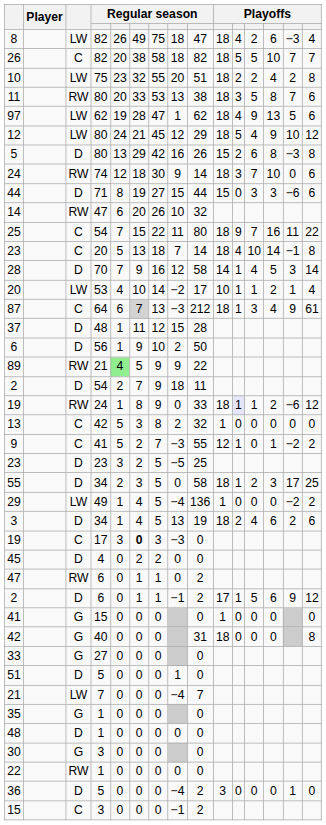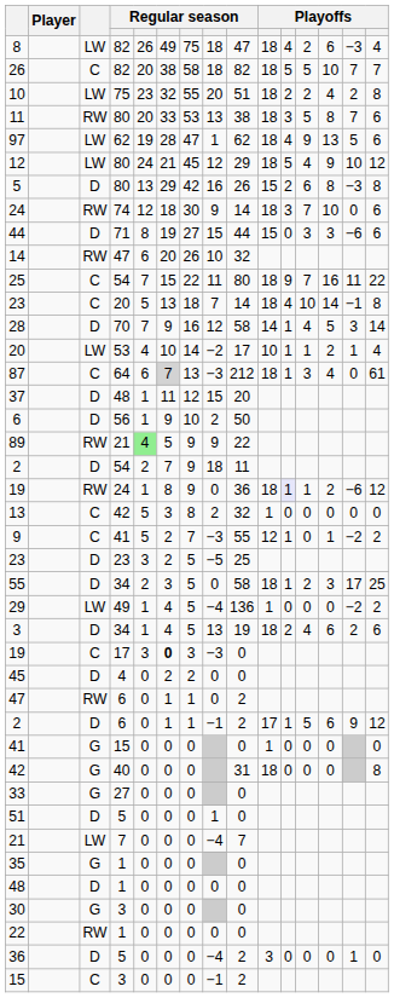 <table class="wikitable sortable plainrowheaders" style="text-align:center;">
 <tr>
 <th scope="col" data-sort-type="number" rowspan="2"></th>
 <th scope="col" rowspan="2">Player</th>
 <th scope="col" rowspan="2"></th>
 <th scope=colgroup colspan=6>Regular season</th>
 <th scope=colgroup colspan=6>Playoffs</th>
 </tr>
 <tr>
 <th scope="col" data-sort-type="number"></th>
 <th scope="col" data-sort-type="number"></th>
 <th scope="col" data-sort-type="number"></th>
 <th scope="col" data-sort-type="number"></th>
 <th scope="col" data-sort-type="number"></th>
 <th scope="col" data-sort-type="number"></th>
 <th scope="col" data-sort-type="number"></th>
 <th scope="col" data-sort-type="number"></th>
 <th scope="col" data-sort-type="number"></th>
 <th scope="col" data-sort-type="number"></th>
 <th scope="col" data-sort-type="number"></th>
 <th scope="col" data-sort-type="number"></th>
 </tr>
 <tr>
 <td scope="row">8</td>
 <td align="left"></td>
 <td>LW</td>
 <td>82</td>
 <td>26</td>
 <td>49</td>
 <td>75</td>
 <td>18</td>
 <td>47</td>
 <td>18</td>
 <td>4</td>
 <td>2</td>
 <td>6</td>
 <td>−3</td>
 <td>4</td>
 </tr>
 <tr>
 <td scope="row">26</td>
 <td align="left"></td>
 <td>C</td>
 <td>82</td>
 <td>20</td>
 <td>38</td>
 <td>58</td>
 <td>18</td>
 <td>82</td>
 <td>18</td>
 <td>5</td>
 <td>5</td>
 <td>10</td>
 <td>7</td>
 <td>7</td>
 </tr>
 <tr>
 <td scope="row">10</td>
 <td align="left"></td>
 <td>LW</td>
 <td>75</td>
 <td>23</td>
 <td>32</td>
 <td>55</td>
 <td>20</td>
 <td>51</td>
 <td>18</td>
 <td>2</td>
 <td>2</td>
 <td>4</td>
 <td>2</td>
 <td>8</td>
 </tr>
 <tr>
 <td scope="row">11</td>
 <td align="left"></td>
 <td>RW</td>
 <td>80</td>
 <td>20</td>
 <td>33</td>
 <td>53</td>
 <td>13</td>
 <td>38</td>
 <td>18</td>
 <td>3</td>
 <td>5</td>
 <td>8</td>
 <td>7</td>
 <td>6</td>
 </tr>
 <tr>
 <td scope="row">97</td>
 <td align="left"></td>
 <td>LW</td>
 <td>62</td>
 <td>19</td>
 <td>28</td>
 <td>47</td>
 <td>1</td>
 <td>62</td>
 <td>18</td>
 <td>4</td>
 <td>9</td>
 <td>13</td>
 <td>5</td>
 <td>6</td>
 </tr>
 <tr>
 <td scope="row">12</td>
 <td align="left"></td>
 <td>LW</td>
 <td>80</td>
 <td>24</td>
 <td>21</td>
 <td>45</td>
 <td>12</td>
 <td>29</td>
 <td>18</td>
 <td>5</td>
 <td>4</td>
 <td>9</td>
 <td>10</td>
 <td>12</td>
 </tr>
 <tr>
 <td scope="row">5</td>
 <td align="left"></td>
 <td>D</td>
 <td>80</td>
 <td>13</td>
 <td>29</td>
 <td>42</td>
 <td>16</td>
 <td>26</td>
 <td>15</td>
 <td>2</td>
 <td>6</td>
 <td>8</td>
 <td>−3</td>
 <td>8</td>
 </tr>
 <tr>
 <td scope="row">24</td>
 <td align="left"></td>
 <td>RW</td>
 <td>74</td>
 <td>12</td>
 <td>18</td>
 <td>30</td>
 <td>9</td>
 <td>14</td>
 <td>18</td>
 <td>3</td>
 <td>7</td>
 <td>10</td>
 <td>0</td>
 <td>6</td>
 </tr>
 <tr>
 <td scope="row">44</td>
 <td align="left"></td>
 <td>D</td>
 <td>71</td>
 <td>8</td>
 <td>19</td>
 <td>27</td>
 <td>15</td>
 <td>44</td>
 <td>15</td>
 <td>0</td>
 <td>3</td>
 <td>3</td>
 <td>−6</td>
 <td>6</td>
 </tr>
 <tr>
 <td scope="row">14</td>
 <td align="left"></td>
 <td>RW</td>
 <td>47</td>
 <td>6</td>
 <td>20</td>
 <td>26</td>
 <td>10</td>
 <td>32</td>
 <td></td>
 <td></td>
 <td></td>
 <td></td>
 <td></td>
 <td></td>
 </tr>
 <tr>
 <td scope="row">25</td>
 <td align="left"></td>
 <td>C</td>
 <td>54</td>
 <td>7</td>
 <td>15</td>
 <td>22</td>
 <td>11</td>
 <td>80</td>
 <td>18</td>
 <td>9</td>
 <td>7</td>
 <td>16</td>
 <td>11</td>
 <td>22</td>
 </tr>
 <tr>
 <td scope="row">23</td>
 <td align="left"></td>
 <td>C</td>
 <td>20</td>
 <td>5</td>
 <td>13</td>
 <td>18</td>
 <td>7</td>
 <td>14</td>
 <td>18</td>
 <td>4</td>
 <td>10</td>
 <td>14</td>
 <td>−1</td>
 <td>8</td>
 </tr>
 <tr>
 <td scope="row">28</td>
 <td align="left"></td>
 <td>D</td>
 <td>70</td>
 <td>7</td>
 <td>9</td>
 <td>16</td>
 <td>12</td>
 <td>58</td>
 <td>14</td>
 <td>1</td>
 <td>4</td>
 <td>5</td>
 <td>3</td>
 <td>14</td>
 </tr>
 <tr>
 <td scope="row">20</td>
 <td align="left"></td>
 <td>LW</td>
 <td>53</td>
 <td>4</td>
 <td>10</td>
 <td>14</td>
 <td>−2</td>
 <td>17</td>
 <td>10</td>
 <td>1</td>
 <td>1</td>
 <td>2</td>
 <td>1</td>
 <td>4</td>
 </tr>
 <tr>
 <td scope="row">87</td>
 <td align="left"></td>
 <td>C</td>
 <td>64</td>
 <td>6</td>
 <td style="background: lightgrey;">7</td>
 <td>13</td>
 <td>−3</td>
 <td>212</td>
 <td>18</td>
 <td>1</td>
 <td>3</td>
 <td>4</td>
-<td>9</td>
+<td>0</td>
 <td>61</td>
 </tr>
 <tr>
 <td scope="row">37</td>
 <td align="left"></td>
 <td>D</td>
 <td>48</td>
 <td>1</td>
 <td>11</td>
 <td>12</td>
 <td>15</td>
-<td>28</td>
+<td>20</td>
 <td></td>
 <td></td>
 <td></td>
 <td></td>
 <td></td>
 <td></td>
 </tr>
 <tr>
 <td scope="row">6</td>
 <td align="left"></td>
 <td>D</td>
 <td>56</td>
 <td>1</td>
 <td>9</td>
 <td>10</td>
 <td>2</td>
 <td>50</td>
 <td></td>
 <td></td>
 <td></td>
 <td></td>
 <td></td>
 <td></td>
 </tr>
 <tr>
 <td scope="row">89</td>
 <td align="left"></td>
 <td>RW</td>
 <td>21</td>
 <td style="background: lightgreen;">4</td>
 <td>5</td>
 <td>9</td>
 <td>9</td>
 <td>22</td>
 <td></td>
 <td></td>
 <td></td>
 <td></td>
 <td></td>
 <td></td>
 </tr>
 <tr>
 <td scope="row">2</td>
 <td align="left"></td>
 <td>D</td>
 <td>54</td>
 <td>2</td>
 <td>7</td>
 <td>9</td>
 <td>18</td>
 <td>11</td>
 <td></td>
 <td></td>
 <td></td>
 <td></td>
 <td></td>
 <td></td>
 </tr>
 <tr>
 <td scope="row">19</td>
 <td align="left"></td>
 <td>RW</td>
 <td>24</td>
 <td>1</td>
 <td>8</td>
 <td>9</td>
 <td>0</td>
-<td>33</td>
+<td>36</td>
 <td>18</td>
 <td style="background: lavender;">1</td>
 <td>1</td>
 <td>2</td>
 <td>−6</td>
 <td>12</td>
 </tr>
 <tr>
 <td scope="row">13</td>
 <td align="left"></td>
 <td>C</td>
 <td>42</td>
 <td>5</td>
 <td>3</td>
 <td>8</td>
 <td>2</td>
 <td>32</td>
 <td>1</td>
 <td>0</td>
 <td>0</td>
 <td>0</td>
 <td>0</td>
 <td>0</td>
 </tr>
 <tr>
 <td scope="row">9</td>
 <td align="left"></td>
 <td>C</td>
 <td>41</td>
 <td>5</td>
 <td>2</td>
 <td>7</td>
 <td>−3</td>
 <td>55</td>
 <td>12</td>
 <td>1</td>
 <td>0</td>
 <td>1</td>
 <td>−2</td>
 <td>2</td>
 </tr>
 <tr>
 <td scope="row">23</td>
 <td align="left"></td>
 <td>D</td>
 <td>23</td>
 <td>3</td>
 <td>2</td>
 <td>5</td>
 <td>−5</td>
 <td>25</td>
 <td></td>
 <td></td>
 <td></td>
 <td></td>
 <td></td>
 <td></td>
 </tr>
 <tr>
 <td scope="row">55</td>
 <td align="left"></td>
 <td>D</td>
 <td>34</td>
 <td>2</td>
 <td>3</td>
 <td>5</td>
 <td>0</td>
 <td>58</td>
 <td>18</td>
 <td>1</td>
 <td>2</td>
 <td>3</td>
 <td>17</td>
 <td>25</td>
 </tr>
 <tr>
 <td scope="row">29</td>
 <td align="left"></td>
 <td>LW</td>
 <td>49</td>
 <td>1</td>
 <td>4</td>
 <td>5</td>
 <td>−4</td>
 <td>136</td>
 <td>1</td>
 <td>0</td>
 <td>0</td>
 <td>0</td>
 <td>−2</td>
 <td>2</td>
 </tr>
 <tr>
 <td scope="row">3</td>
 <td align="left"></td>
 <td>D</td>
 <td>34</td>
 <td>1</td>
 <td>4</td>
 <td>5</td>
 <td>13</td>
 <td>19</td>
 <td>18</td>
 <td>2</td>
 <td>4</td>
 <td>6</td>
 <td>2</td>
 <td>6</td>
 </tr>
 <tr>
 <td scope="row">19</td>
 <td align="left"></td>
 <td>C</td>
 <td>17</td>
 <td>3</td>
 <td><strong>0</strong></td>
 <td>3</td>
 <td>−3</td>
 <td>0</td>
 <td></td>
 <td></td>
 <td></td>
 <td></td>
 <td></td>
 <td></td>
 </tr>
 <tr>
 <td scope="row">45</td>
 <td align="left"></td>
 <td>D</td>
 <td>4</td>
 <td>0</td>
 <td>2</td>
 <td>2</td>
 <td>0</td>
 <td>0</td>
 <td></td>
 <td></td>
 <td></td>
 <td></td>
 <td></td>
 <td></td>
 </tr>
 <tr>
 <td scope="row">47</td>
 <td align="left"></td>
 <td>RW</td>
 <td>6</td>
 <td>0</td>
 <td>1</td>
 <td>1</td>
 <td>0</td>
 <td>2</td>
 <td></td>
 <td></td>
 <td></td>
 <td></td>
 <td></td>
 <td></td>
 </tr>
 <tr>
 <td scope="row">2</td>
 <td align="left"></td>
 <td>D</td>
 <td>6</td>
 <td>0</td>
 <td>1</td>
 <td>1</td>
 <td>−1</td>
 <td>2</td>
 <td>17</td>
 <td>1</td>
 <td>5</td>
 <td>6</td>
 <td>9</td>
 <td>12</td>
 </tr>
 <tr>
 <td scope="row">41</td>
 <td align="left"></td>
 <td>G</td>
 <td>15</td>
 <td>0</td>
 <td>0</td>
 <td>0</td>
 <td style="background:#ccc"></td>
 <td>0</td>
 <td>1</td>
 <td>0</td>
 <td>0</td>
 <td>0</td>
 <td style="background:#ccc"></td>
 <td>0</td>
 </tr>
 <tr>
 <td scope="row">42</td>
 <td align="left"></td>
 <td>G</td>
 <td>40</td>
 <td>0</td>
 <td>0</td>
 <td>0</td>
 <td style="background:#ccc"></td>
 <td>31</td>
 <td>18</td>
 <td>0</td>
 <td>0</td>
 <td>0</td>
 <td style="background:#ccc"></td>
 <td>8</td>
 </tr>
 <tr>
 <td scope="row">33</td>
 <td align="left"></td>
 <td>G</td>
 <td>27</td>
 <td>0</td>
 <td>0</td>
 <td>0</td>
 <td style="background:#ccc"></td>
 <td>0</td>
 <td></td>
 <td></td>
 <td></td>
 <td></td>
 <td></td>
 <td></td>
 </tr>
 <tr>
 <td scope="row">51</td>
 <td align="left"></td>
 <td>D</td>
 <td>5</td>
 <td>0</td>
 <td>0</td>
 <td>0</td>
 <td>1</td>
 <td>0</td>
 <td></td>
 <td></td>
 <td></td>
 <td></td>
 <td></td>
 <td></td>
 </tr>
 <tr>
 <td scope="row">21</td>
 <td align="left"></td>
 <td>LW</td>
 <td>7</td>
 <td>0</td>
 <td>0</td>
 <td>0</td>
 <td>−4</td>
 <td>7</td>
 <td></td>
 <td></td>
 <td></td>
 <td></td>
 <td></td>
 <td></td>
 </tr>
 <tr>
 <td scope="row">35</td>
 <td align="left"></td>
 <td>G</td>
 <td>1</td>
 <td>0</td>
 <td>0</td>
 <td>0</td>
 <td style="background:#ccc"></td>
 <td>0</td>
 <td></td>
 <td></td>
 <td></td>
 <td></td>
 <td></td>
 <td></td>
 </tr>
 <tr>
 <td scope="row">48</td>
 <td align="left"></td>
 <td>D</td>
 <td>1</td>
 <td>0</td>
 <td>0</td>
 <td>0</td>
 <td>0</td>
 <td>0</td>
 <td></td>
 <td></td>
 <td></td>
 <td></td>
 <td></td>
 <td></td>
 </tr>
 <tr>
 <td scope="row">30</td>
 <td align="left"></td>
 <td>G</td>
 <td>3</td>
 <td>0</td>
 <td>0</td>
 <td>0</td>
 <td style="background:#ccc"></td>
 <td>0</td>
 <td></td>
 <td></td>
 <td></td>
 <td></td>
 <td></td>
 <td></td>
 </tr>
 <tr>
 <td scope="row">22</td>
 <td align="left"></td>
 <td>RW</td>
 <td>1</td>
 <td>0</td>
 <td>0</td>
 <td>0</td>
 <td>0</td>
 <td>0</td>
 <td></td>
 <td></td>
 <td></td>
 <td></td>
 <td></td>
 <td></td>
 </tr>
 <tr>
 <td scope="row">36</td>
 <td align="left"></td>
 <td>D</td>
 <td>5</td>
 <td>0</td>
 <td>0</td>
 <td>0</td>
 <td>−4</td>
 <td>2</td>
 <td>3</td>
 <td>0</td>
 <td>0</td>
 <td>0</td>
 <td>1</td>
 <td>0</td>
 </tr>
 <tr>
 <td scope="row">15</td>
 <td align="left"></td>
 <td>C</td>
 <td>3</td>
 <td>0</td>
 <td>0</td>
 <td>0</td>
 <td>−1</td>
 <td>2</td>
 <td></td>
 <td></td>
 <td></td>
 <td></td>
 <td></td>
 <td></td>
 </tr>
 </table>
